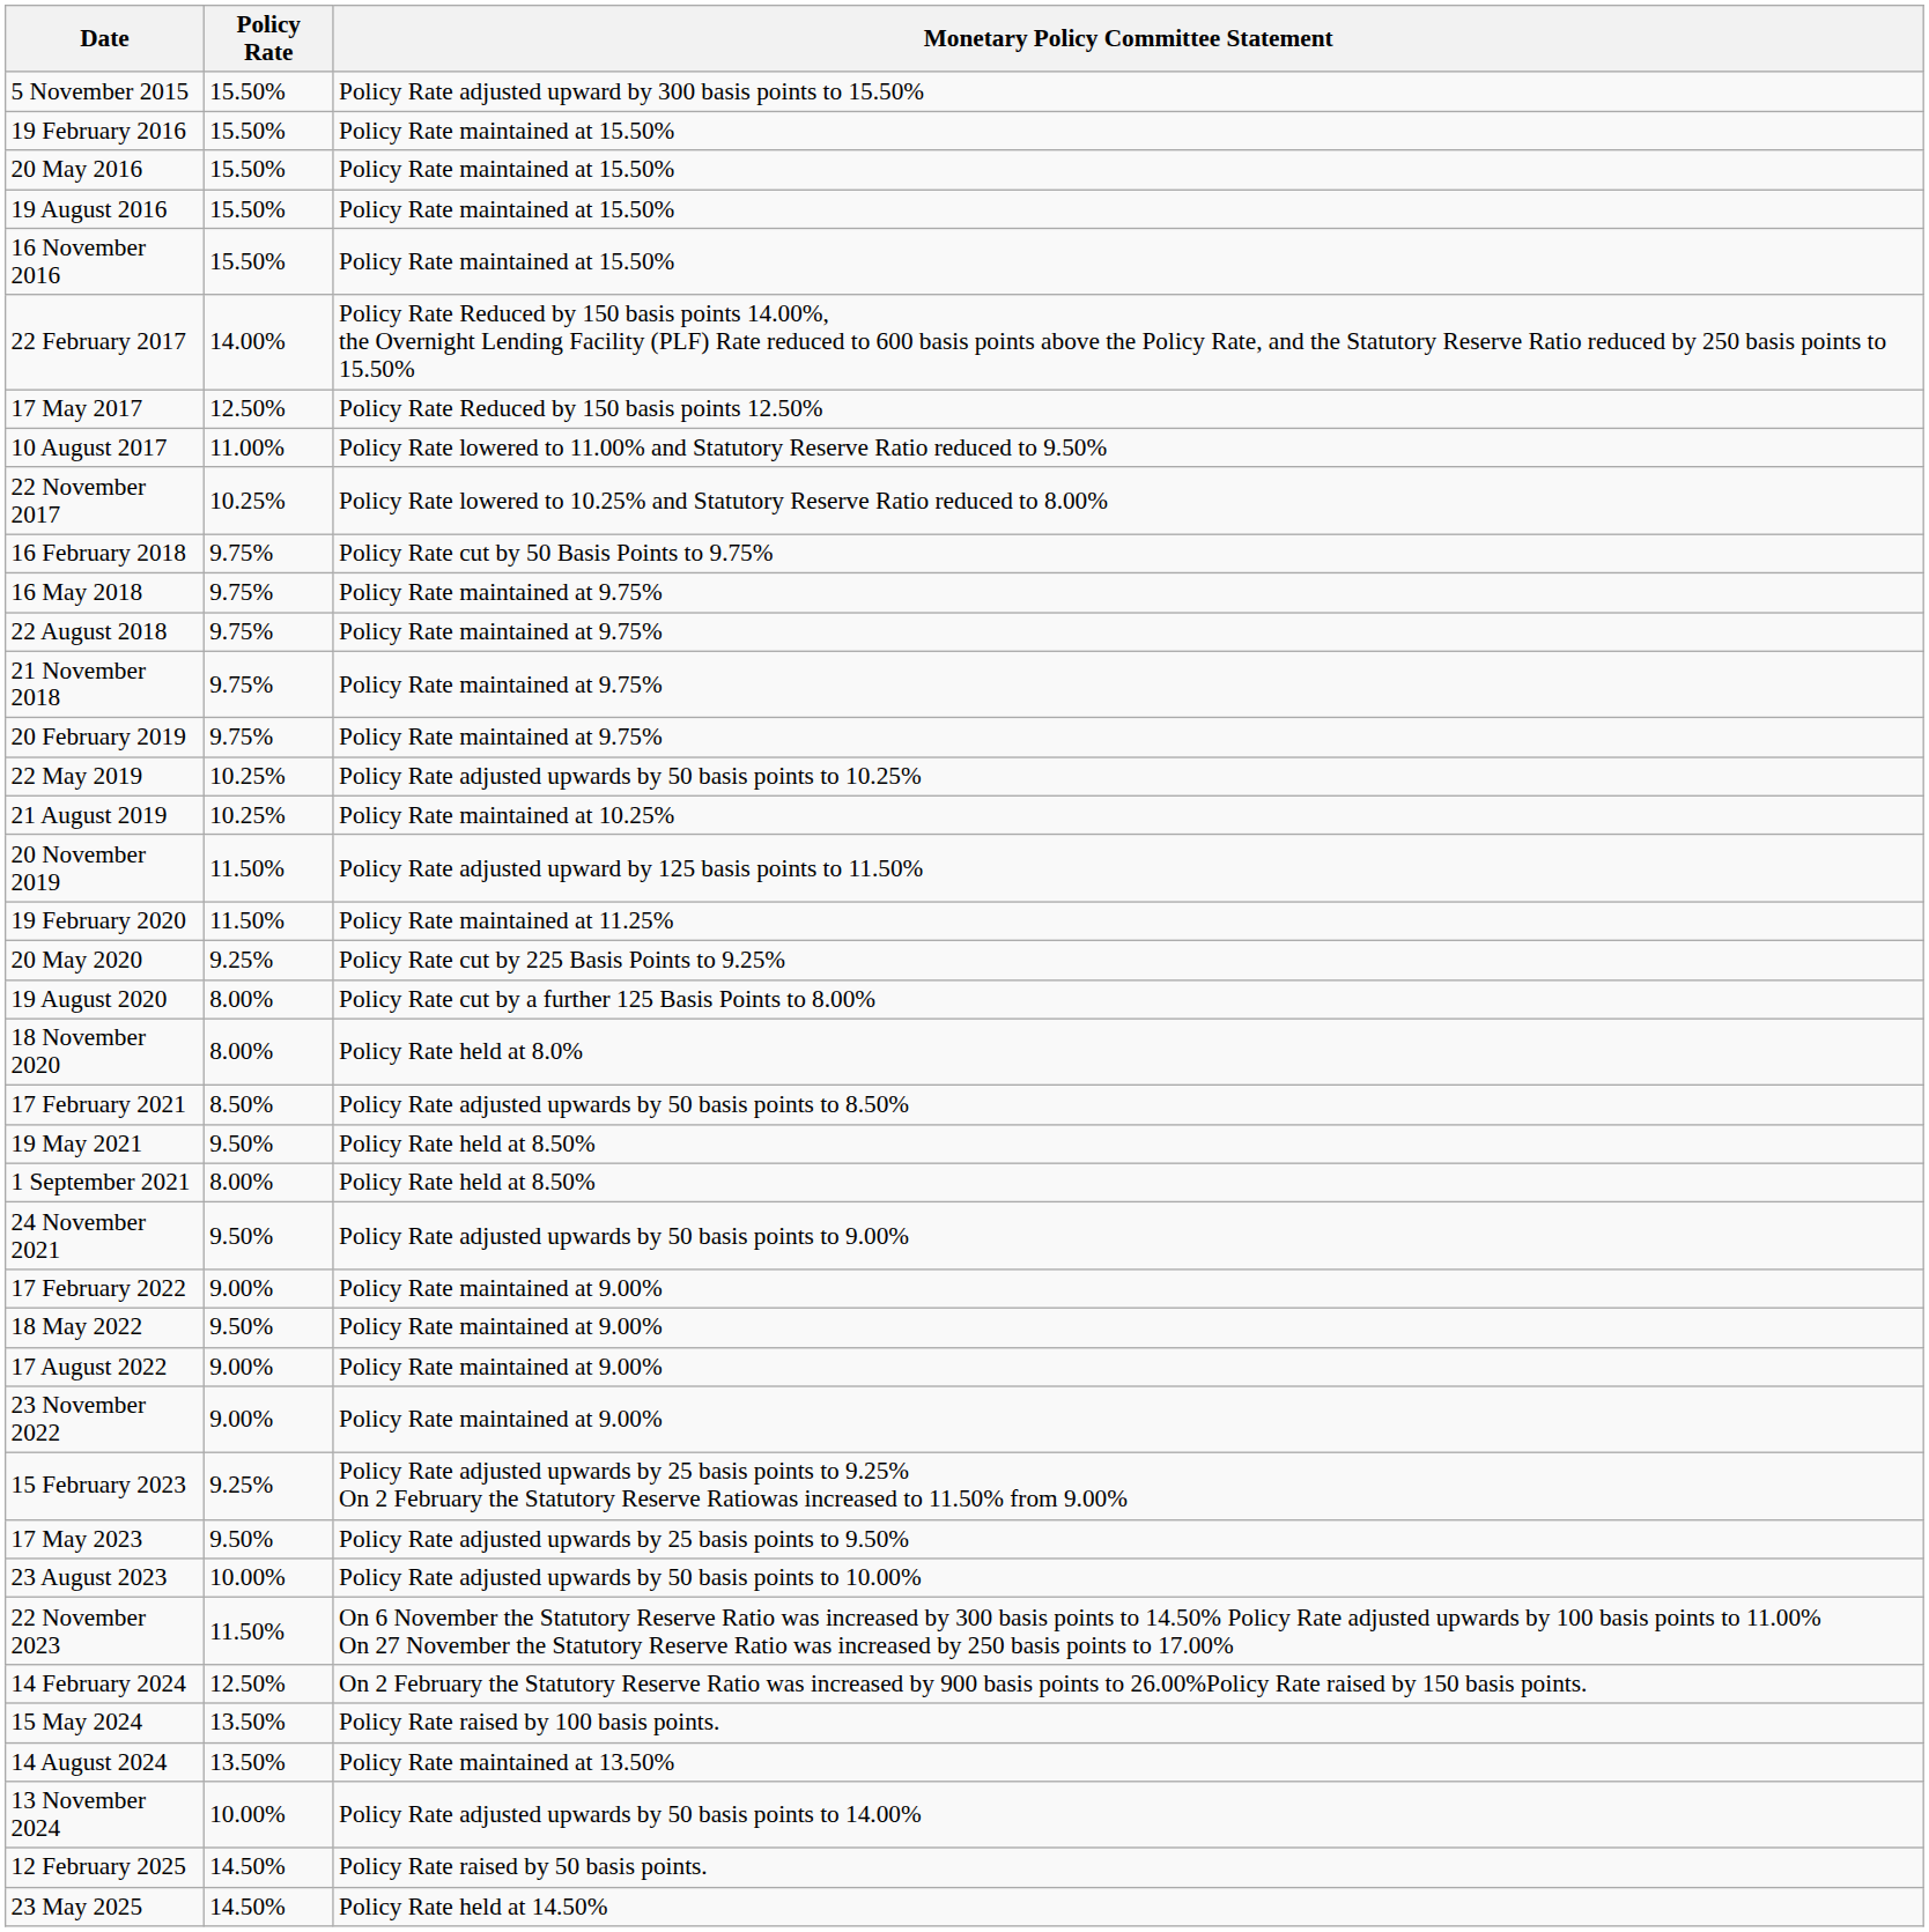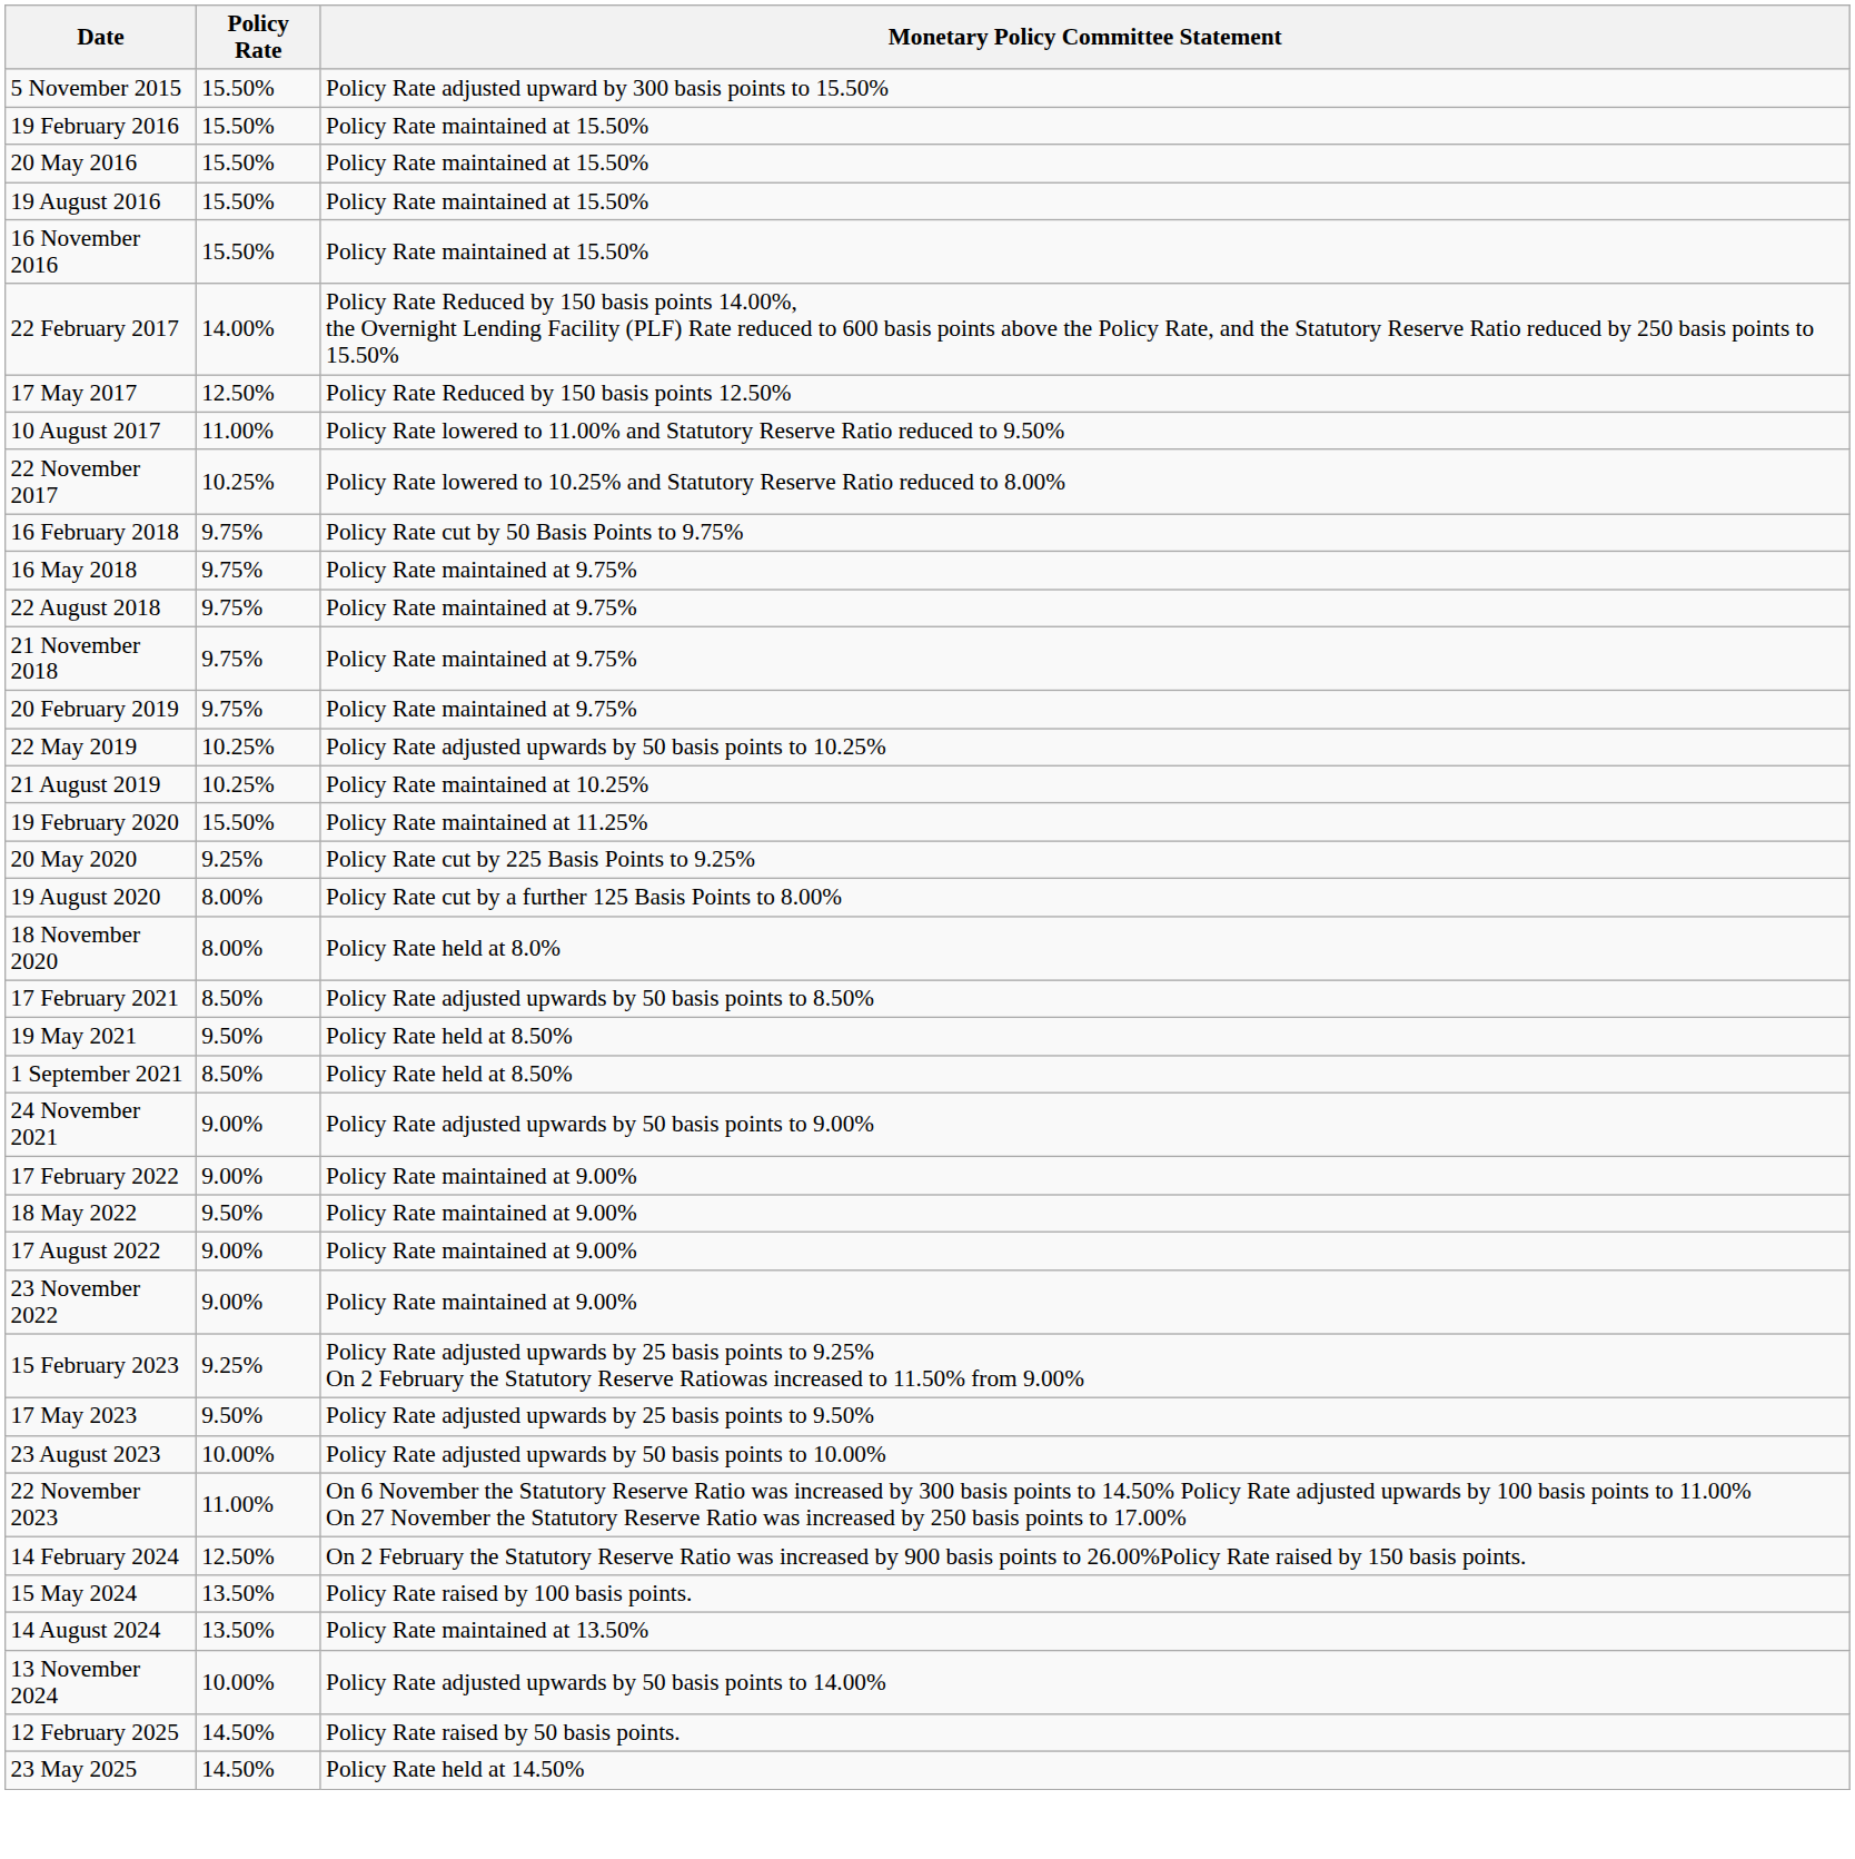 <table class="wikitable">
 <tr>
 <th>Date</th>
 <th>Policy Rate</th>
 <th>Monetary Policy Committee Statement</th>
 </tr>
 <tr>
 <td>5 November 2015</td>
 <td>15.50%</td>
 <td>Policy Rate adjusted upward by 300 basis points to 15.50%</td>
 </tr>
 <tr>
 <td>19 February 2016</td>
 <td>15.50%</td>
 <td>Policy Rate maintained at 15.50%</td>
 </tr>
 <tr>
 <td>20 May 2016</td>
 <td>15.50%</td>
 <td>Policy Rate maintained at 15.50%</td>
 </tr>
 <tr>
 <td>19 August 2016</td>
 <td>15.50%</td>
 <td>Policy Rate maintained at 15.50%</td>
 </tr>
 <tr>
 <td>16 November 2016</td>
 <td>15.50%</td>
 <td>Policy Rate maintained at 15.50%</td>
 </tr>
 <tr>
 <td>22 February 2017</td>
 <td>14.00%</td>
 <td>Policy Rate Reduced by 150 basis points 14.00%,<br>the Overnight Lending Facility (PLF) Rate reduced to 600 basis points above the Policy Rate, and the Statutory Reserve Ratio reduced by 250 basis points to 15.50%</td>
 </tr>
 <tr>
 <td>17 May 2017</td>
 <td>12.50%</td>
 <td>Policy Rate Reduced by 150 basis points 12.50%</td>
 </tr>
 <tr>
 <td>10 August 2017</td>
 <td>11.00%</td>
 <td>Policy Rate lowered to 11.00% and Statutory Reserve Ratio reduced to 9.50%</td>
 </tr>
 <tr>
 <td>22 November 2017</td>
 <td>10.25%</td>
 <td>Policy Rate lowered to 10.25% and Statutory Reserve Ratio reduced to 8.00%</td>
 </tr>
 <tr>
 <td>16 February 2018</td>
 <td>9.75%</td>
 <td>Policy Rate cut by 50 Basis Points to 9.75%</td>
 </tr>
 <tr>
 <td>16 May 2018</td>
 <td>9.75%</td>
 <td>Policy Rate maintained at 9.75%</td>
 </tr>
 <tr>
 <td>22 August 2018</td>
 <td>9.75%</td>
 <td>Policy Rate maintained at 9.75%</td>
 </tr>
 <tr>
 <td>21 November 2018</td>
 <td>9.75%</td>
 <td>Policy Rate maintained at 9.75%</td>
 </tr>
 <tr>
 <td>20 February 2019</td>
 <td>9.75%</td>
 <td>Policy Rate maintained at 9.75%</td>
 </tr>
 <tr>
 <td>22 May 2019</td>
 <td>10.25%</td>
 <td>Policy Rate adjusted upwards by 50 basis points to 10.25%</td>
 </tr>
 <tr>
 <td>21 August 2019</td>
 <td>10.25%</td>
 <td>Policy Rate maintained at 10.25%</td>
 </tr>
 <tr>
-<td>20 November 2019</td>
-<td>11.50%</td>
-<td>Policy Rate adjusted upward by 125 basis points to 11.50%</td>
-</tr>
-<tr>
 <td>19 February 2020</td>
-<td>11.50%</td>
+<td>15.50%</td>
 <td>Policy Rate maintained at 11.25%</td>
 </tr>
 <tr>
 <td>20 May 2020</td>
 <td>9.25%</td>
 <td>Policy Rate cut by 225 Basis Points to 9.25%</td>
 </tr>
 <tr>
 <td>19 August 2020</td>
 <td>8.00%</td>
 <td>Policy Rate cut by a further 125 Basis Points to 8.00%</td>
 </tr>
 <tr>
 <td>18 November 2020</td>
 <td>8.00%</td>
 <td>Policy Rate held at 8.0%</td>
 </tr>
 <tr>
 <td>17 February 2021</td>
 <td>8.50%</td>
 <td>Policy Rate adjusted upwards by 50 basis points to 8.50%</td>
 </tr>
 <tr>
 <td>19 May 2021</td>
 <td>9.50%</td>
 <td>Policy Rate held at 8.50%</td>
 </tr>
 <tr>
 <td>1 September 2021</td>
-<td>8.00%</td>
+<td>8.50%</td>
 <td>Policy Rate held at 8.50%</td>
 </tr>
 <tr>
 <td>24 November 2021</td>
-<td>9.50%</td>
+<td>9.00%</td>
 <td>Policy Rate adjusted upwards by 50 basis points to 9.00%</td>
 </tr>
 <tr>
 <td>17 February 2022</td>
 <td>9.00%</td>
 <td>Policy Rate maintained at 9.00%</td>
 </tr>
 <tr>
 <td>18 May 2022</td>
 <td>9.50%</td>
 <td>Policy Rate maintained at 9.00%</td>
 </tr>
 <tr>
 <td>17 August 2022</td>
 <td>9.00%</td>
 <td>Policy Rate maintained at 9.00%</td>
 </tr>
 <tr>
 <td>23 November 2022</td>
 <td>9.00%</td>
 <td>Policy Rate maintained at 9.00%</td>
 </tr>
 <tr>
 <td>15 February 2023</td>
 <td>9.25%</td>
 <td>Policy Rate adjusted upwards by 25 basis points to 9.25%<br>On 2 February the Statutory Reserve Ratiowas  increased to 11.50% from 9.00%</td>
 </tr>
 <tr>
 <td>17 May 2023</td>
 <td>9.50%</td>
 <td>Policy Rate adjusted upwards by 25 basis points to 9.50%</td>
 </tr>
 <tr>
 <td>23 August 2023</td>
 <td>10.00%</td>
 <td>Policy Rate adjusted upwards by 50 basis points to 10.00%</td>
 </tr>
 <tr>
 <td>22 November 2023</td>
-<td>11.50%</td>
+<td>11.00%</td>
 <td>On 6 November the Statutory Reserve Ratio was  increased by 300 basis points to 14.50% Policy Rate adjusted upwards by 100 basis points to 11.00%<br>On 27 November the Statutory Reserve Ratio was  increased by 250 basis points to 17.00%</td>
 </tr>
 <tr>
 <td>14 February 2024</td>
 <td>12.50%</td>
 <td>On 2 February the Statutory Reserve Ratio was  increased by 900 basis points to 26.00%Policy Rate raised by 150 basis points.</td>
 </tr>
 <tr>
 <td>15 May 2024</td>
 <td>13.50%</td>
 <td>Policy Rate raised by 100 basis points.</td>
 </tr>
 <tr>
 <td>14 August 2024</td>
 <td>13.50%</td>
 <td>Policy Rate maintained at 13.50%</td>
 </tr>
 <tr>
 <td>13 November 2024</td>
 <td>10.00%</td>
 <td>Policy Rate adjusted upwards by 50 basis points to 14.00%</td>
 </tr>
 <tr>
 <td>12 February 2025</td>
 <td>14.50%</td>
 <td>Policy Rate raised by 50 basis points.</td>
 </tr>
 <tr>
 <td>23 May 2025</td>
 <td>14.50%</td>
 <td>Policy Rate held at 14.50%</td>
 </tr>
 </table>
